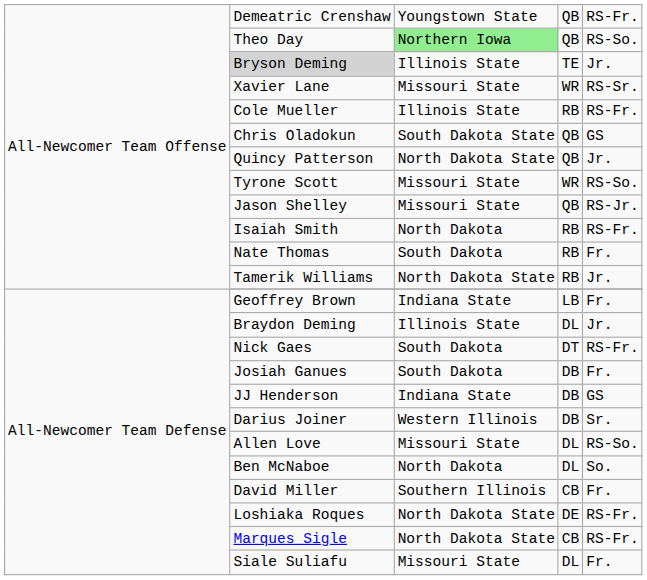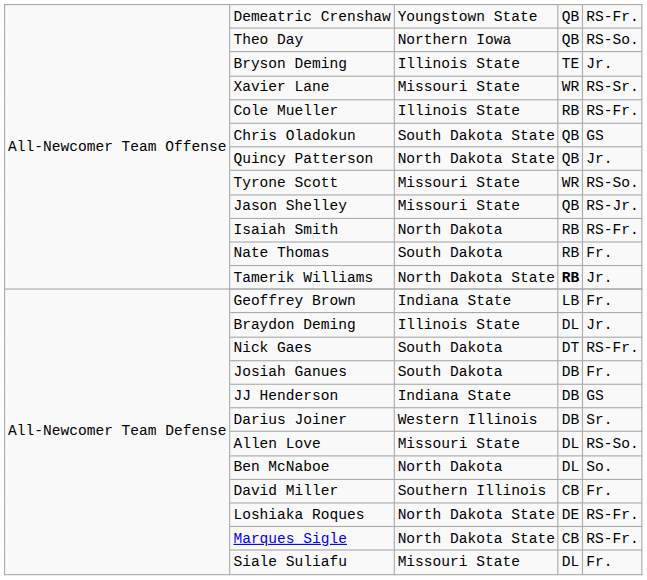 <table class="wikitable">
 <tr>
 <td rowspan=12>All-Newcomer Team Offense</td>
 <td>Demeatric Crenshaw</td>
 <td>Youngstown State</td>
 <td>QB</td>
 <td>RS-Fr.</td>
 </tr>
 <tr>
 <td>Theo Day</td>
-<td style="background: lightgreen;">Northern Iowa</td>
+<td>Northern Iowa</td>
 <td>QB</td>
 <td>RS-So.</td>
 </tr>
 <tr>
-<td style="background: lightgrey;">Bryson Deming</td>
+<td>Bryson Deming</td>
 <td>Illinois State</td>
 <td>TE</td>
 <td>Jr.</td>
 </tr>
 <tr>
 <td>Xavier Lane</td>
 <td>Missouri State</td>
 <td>WR</td>
 <td>RS-Sr.</td>
 </tr>
 <tr>
 <td>Cole Mueller</td>
 <td>Illinois State</td>
 <td>RB</td>
 <td>RS-Fr.</td>
 </tr>
 <tr>
 <td>Chris Oladokun</td>
 <td>South Dakota State</td>
 <td>QB</td>
 <td>GS</td>
 </tr>
 <tr>
 <td>Quincy Patterson</td>
 <td>North Dakota State</td>
 <td>QB</td>
 <td>Jr.</td>
 </tr>
 <tr>
 <td>Tyrone Scott</td>
 <td>Missouri State</td>
 <td>WR</td>
 <td>RS-So.</td>
 </tr>
 <tr>
 <td>Jason Shelley</td>
 <td>Missouri State</td>
 <td>QB</td>
 <td>RS-Jr.</td>
 </tr>
 <tr>
 <td>Isaiah Smith</td>
 <td>North Dakota</td>
 <td>RB</td>
 <td>RS-Fr.</td>
 </tr>
 <tr>
 <td>Nate Thomas</td>
 <td>South Dakota</td>
 <td>RB</td>
 <td>Fr.</td>
 </tr>
 <tr>
 <td>Tamerik Williams</td>
 <td>North Dakota State</td>
-<td>RB</td>
+<td><strong>RB</strong></td>
 <td>Jr.</td>
 </tr>
 <tr>
 <td rowspan=13>All-Newcomer Team Defense</td>
 </tr>
 <tr>
 <td>Geoffrey Brown</td>
 <td>Indiana State</td>
 <td>LB</td>
 <td>Fr.</td>
 </tr>
 <tr>
 <td>Braydon Deming</td>
 <td>Illinois State</td>
 <td>DL</td>
 <td>Jr.</td>
 </tr>
 <tr>
 <td>Nick Gaes</td>
 <td>South Dakota</td>
 <td>DT</td>
 <td>RS-Fr.</td>
 </tr>
 <tr>
 <td>Josiah Ganues</td>
 <td>South Dakota</td>
 <td>DB</td>
 <td>Fr.</td>
 </tr>
 <tr>
 <td>JJ Henderson</td>
 <td>Indiana State</td>
 <td>DB</td>
 <td>GS</td>
 </tr>
 <tr>
 <td>Darius Joiner</td>
 <td>Western Illinois</td>
 <td>DB</td>
 <td>Sr.</td>
 </tr>
 <tr>
 <td>Allen Love</td>
 <td>Missouri State</td>
 <td>DL</td>
 <td>RS-So.</td>
 </tr>
 <tr>
 <td>Ben McNaboe</td>
 <td>North Dakota</td>
 <td>DL</td>
 <td>So.</td>
 </tr>
 <tr>
 <td>David Miller</td>
 <td>Southern Illinois</td>
 <td>CB</td>
 <td>Fr.</td>
 </tr>
 <tr>
 <td>Loshiaka Roques</td>
 <td>North Dakota State</td>
 <td>DE</td>
 <td>RS-Fr.</td>
 </tr>
 <tr>
 <td><a href='#'>Marques Sigle</a></td>
 <td>North Dakota State</td>
 <td>CB</td>
 <td>RS-Fr.</td>
 </tr>
 <tr>
 <td>Siale Suliafu</td>
 <td>Missouri State</td>
 <td>DL</td>
 <td>Fr.</td>
 </tr>
 </table>
